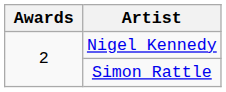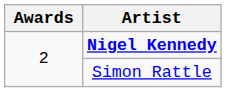 <table class="wikitable" rowspan="2" style="text-align:center;">
 <tr>
 <th scope="col" style="width:55px;">Awards</th>
 <th scope="col" style="text-align:center;">Artist</th>
 </tr>
 <tr>
 <td rowspan="2">2</td>
-<td><a href='#'>Nigel Kennedy</a></td>
+<td><strong><a href='#'>Nigel Kennedy</a></strong></td>
 </tr>
 <tr>
 <td><a href='#'>Simon Rattle</a></td>
 </tr>
 </table>
